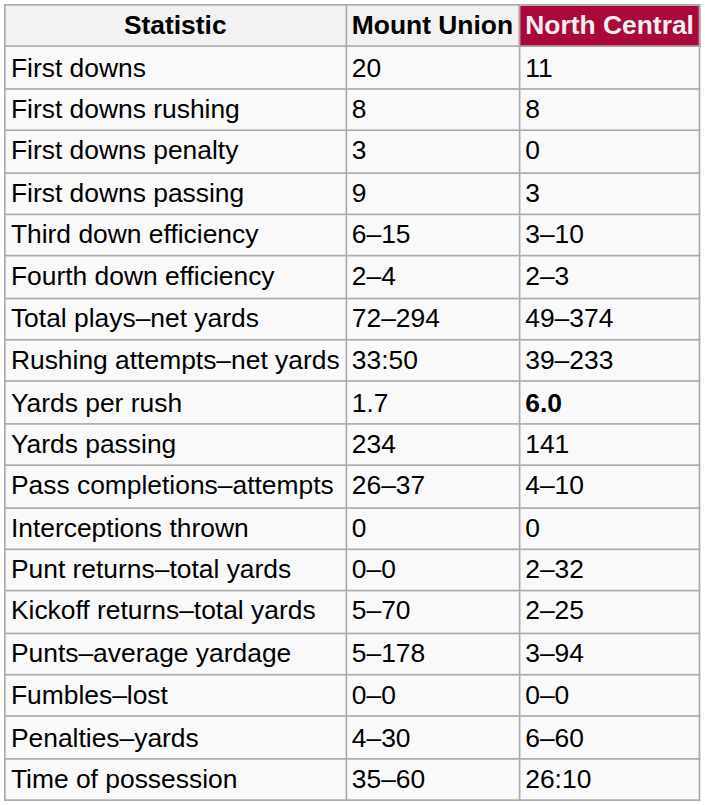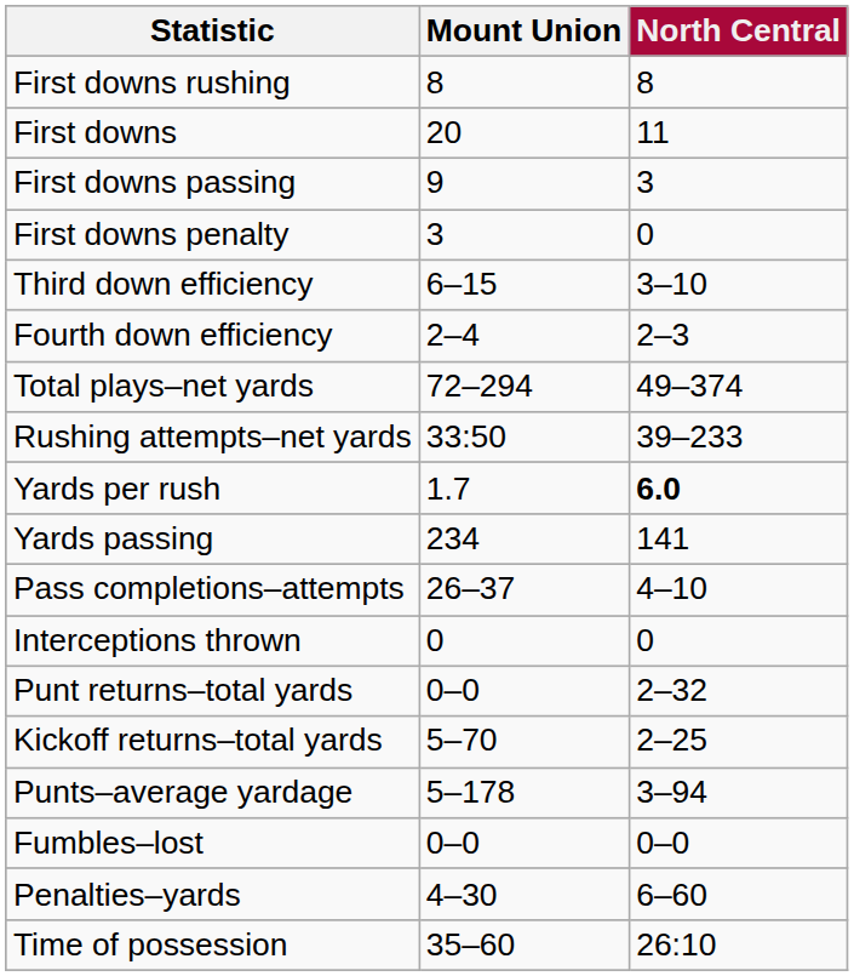 <table class="wikitable">
 <tr>
 <th>Statistic</th>
 <th><strong>Mount Union</strong></th>
 <th style="background:#a8083a; color:#f0efef"><strong>North Central</strong></th>
 </tr>
 <tr>
+<td>First downs rushing</td>
+<td>8</td>
+<td>8</td>
+</tr>
+<tr>
 <td>First downs</td>
 <td>20</td>
 <td>11</td>
 </tr>
 <tr>
-<td>First downs rushing</td>
-<td>8</td>
-<td>8</td>
+<td>First downs passing</td>
+<td>9</td>
+<td>3</td>
 </tr>
 <tr>
 <td>First downs penalty</td>
 <td>3</td>
 <td>0</td>
-</tr>
-<tr>
-<td>First downs passing</td>
-<td>9</td>
-<td>3</td>
 </tr>
 <tr>
 <td>Third down efficiency</td>
 <td>6–15</td>
 <td>3–10</td>
 </tr>
 <tr>
 <td>Fourth down efficiency</td>
 <td>2–4</td>
 <td>2–3</td>
 </tr>
 <tr>
 <td>Total plays–net yards</td>
 <td>72–294</td>
 <td>49–374</td>
 </tr>
 <tr>
 <td>Rushing attempts–net yards</td>
 <td>33:50</td>
 <td>39–233</td>
 </tr>
 <tr>
 <td>Yards per rush</td>
 <td>1.7</td>
 <td><strong>6.0</strong></td>
 </tr>
 <tr>
 <td>Yards passing</td>
 <td>234</td>
 <td>141</td>
 </tr>
 <tr>
 <td>Pass completions–attempts</td>
 <td>26–37</td>
 <td>4–10</td>
 </tr>
 <tr>
 <td>Interceptions thrown</td>
 <td>0</td>
 <td>0</td>
 </tr>
 <tr>
 <td>Punt returns–total yards</td>
 <td>0–0</td>
 <td>2–32</td>
 </tr>
 <tr>
 <td>Kickoff returns–total yards</td>
 <td>5–70</td>
 <td>2–25</td>
 </tr>
 <tr>
 <td>Punts–average yardage</td>
 <td>5–178</td>
 <td>3–94</td>
 </tr>
 <tr>
 <td>Fumbles–lost</td>
 <td>0–0</td>
 <td>0–0</td>
 </tr>
 <tr>
 <td>Penalties–yards</td>
 <td>4–30</td>
 <td>6–60</td>
 </tr>
 <tr>
 <td>Time of possession</td>
 <td>35–60</td>
 <td>26:10</td>
 </tr>
 </table>
